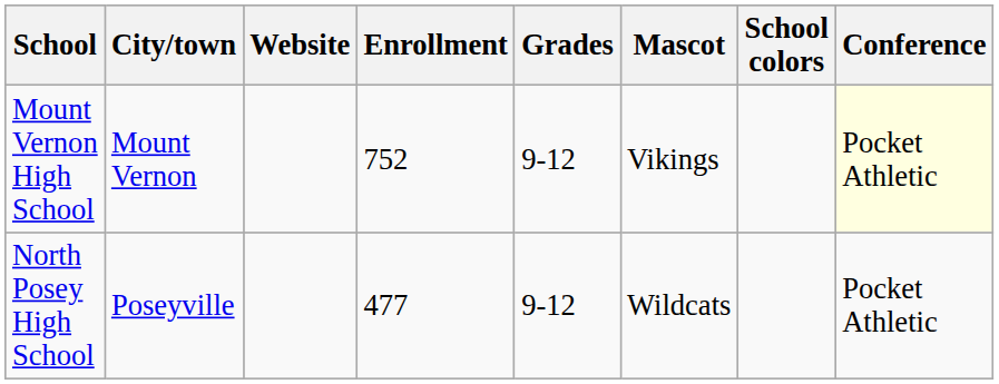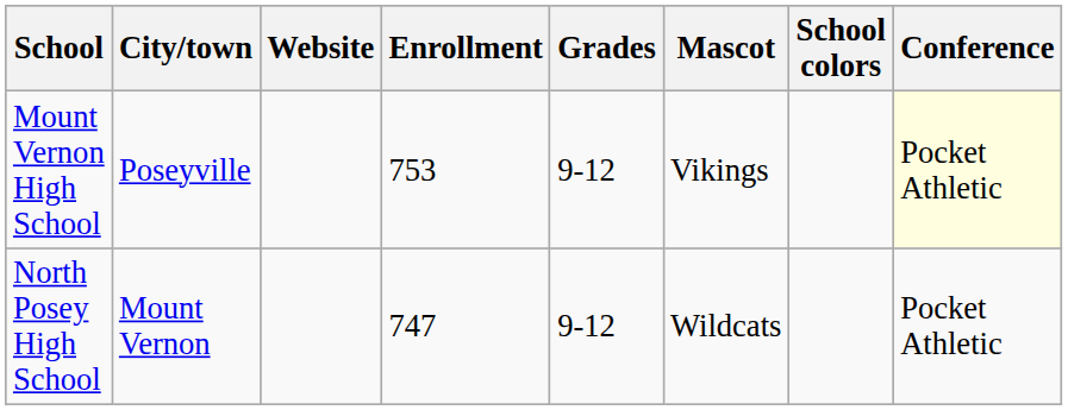 <table class="wikitable sortable" width="70%">
 <tr>
 <th width="20%">School</th>
 <th width="08%">City/town</th>
 <th width="06%">Website</th>
 <th width="04%">Enrollment</th>
 <th width="04%">Grades</th>
 <th width="04%">Mascot</th>
 <th width=01%>School colors</th>
 <th width="04%">Conference</th>
 </tr>
 <tr>
 <td><a href='#'>Mount Vernon High School</a></td>
-<td><a href='#'>Mount Vernon</a></td>
+<td><a href='#'>Poseyville</a></td>
 <td></td>
-<td>752</td>
+<td>753</td>
 <td>9-12</td>
 <td>Vikings</td>
 <td>  </td>
 <td style="background: lightyellow;">Pocket Athletic</td>
 </tr>
 <tr>
 <td><a href='#'>North Posey High School</a></td>
-<td><a href='#'>Poseyville</a></td>
+<td><a href='#'>Mount Vernon</a></td>
 <td></td>
-<td>477</td>
+<td>747</td>
 <td>9-12</td>
 <td>Wildcats</td>
 <td>  </td>
 <td>Pocket Athletic</td>
 </tr>
 </table>
